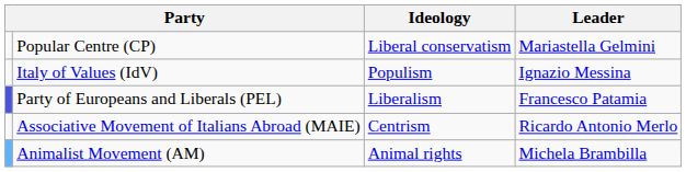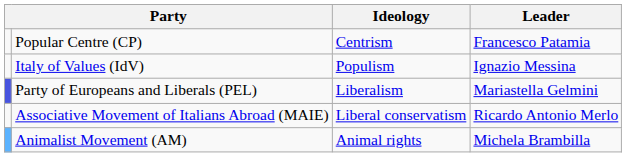 <table class=wikitable  style=text-align:left>
 <tr>
 <th colspan=2>Party</th>
 <th>Ideology</th>
 <th>Leader</th>
 </tr>
 <tr>
 <td></td>
 <td>Popular Centre (CP)</td>
-<td><a href='#'>Liberal conservatism</a></td>
-<td><a href='#'>Mariastella Gelmini</a></td>
+<td><a href='#'>Centrism</a></td>
+<td><a href='#'>Francesco Patamia</a></td>
 </tr>
 <tr>
 <td></td>
 <td><a href='#'>Italy of Values</a> (IdV)</td>
 <td><a href='#'>Populism</a></td>
 <td><a href='#'>Ignazio Messina</a></td>
 </tr>
 <tr>
 <td bgcolor="#4854df"></td>
 <td>Party of Europeans and Liberals (PEL)</td>
 <td><a href='#'>Liberalism</a></td>
-<td><a href='#'>Francesco Patamia</a></td>
+<td><a href='#'>Mariastella Gelmini</a></td>
 </tr>
 <tr>
 <td></td>
 <td><a href='#'>Associative Movement of Italians Abroad</a> (MAIE)</td>
-<td><a href='#'>Centrism</a></td>
+<td><a href='#'>Liberal conservatism</a></td>
 <td><a href='#'>Ricardo Antonio Merlo</a></td>
 </tr>
 <tr>
 <td bgcolor="#5CB3FF"></td>
 <td><a href='#'>Animalist Movement</a> (AM)</td>
 <td><a href='#'>Animal rights</a></td>
 <td><a href='#'>Michela Brambilla</a></td>
 </tr>
 </table>
